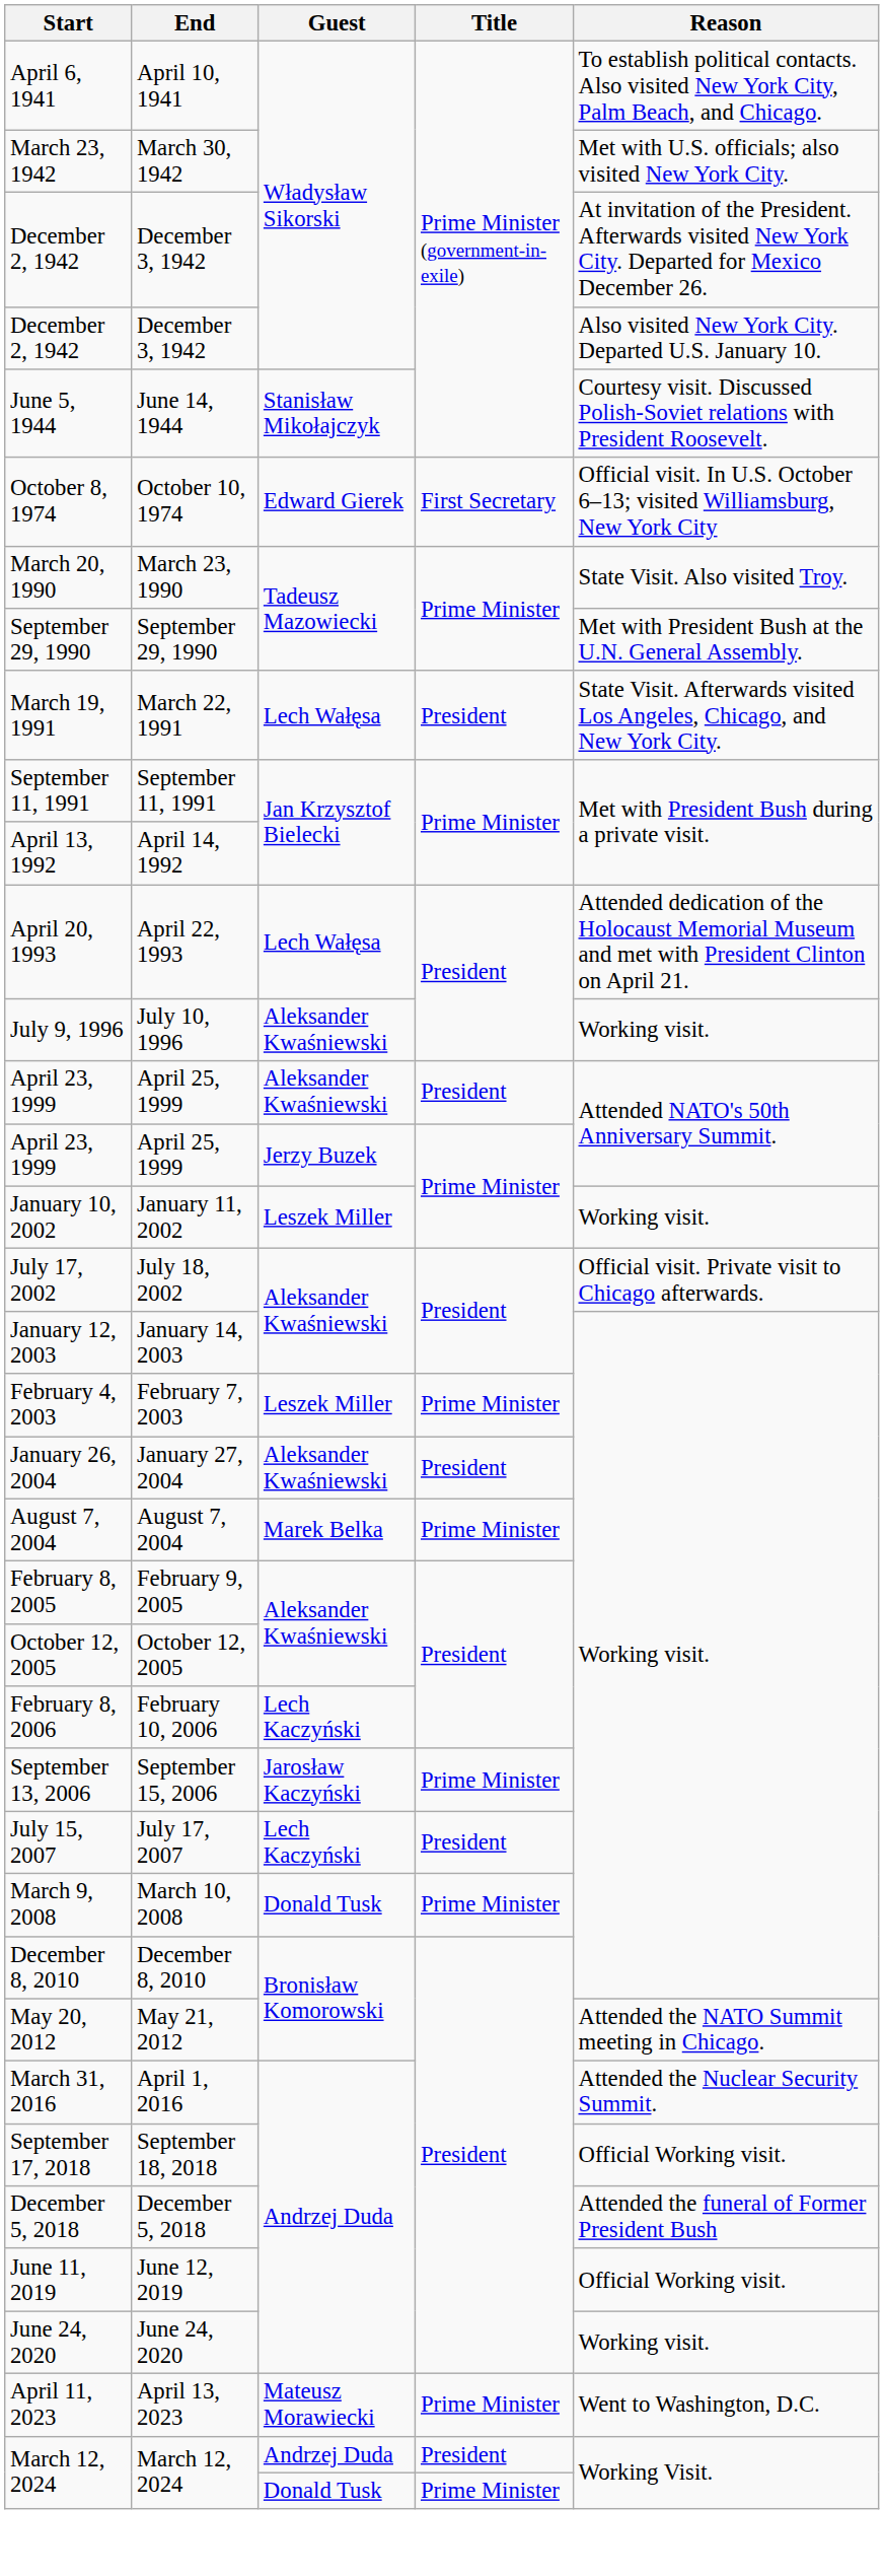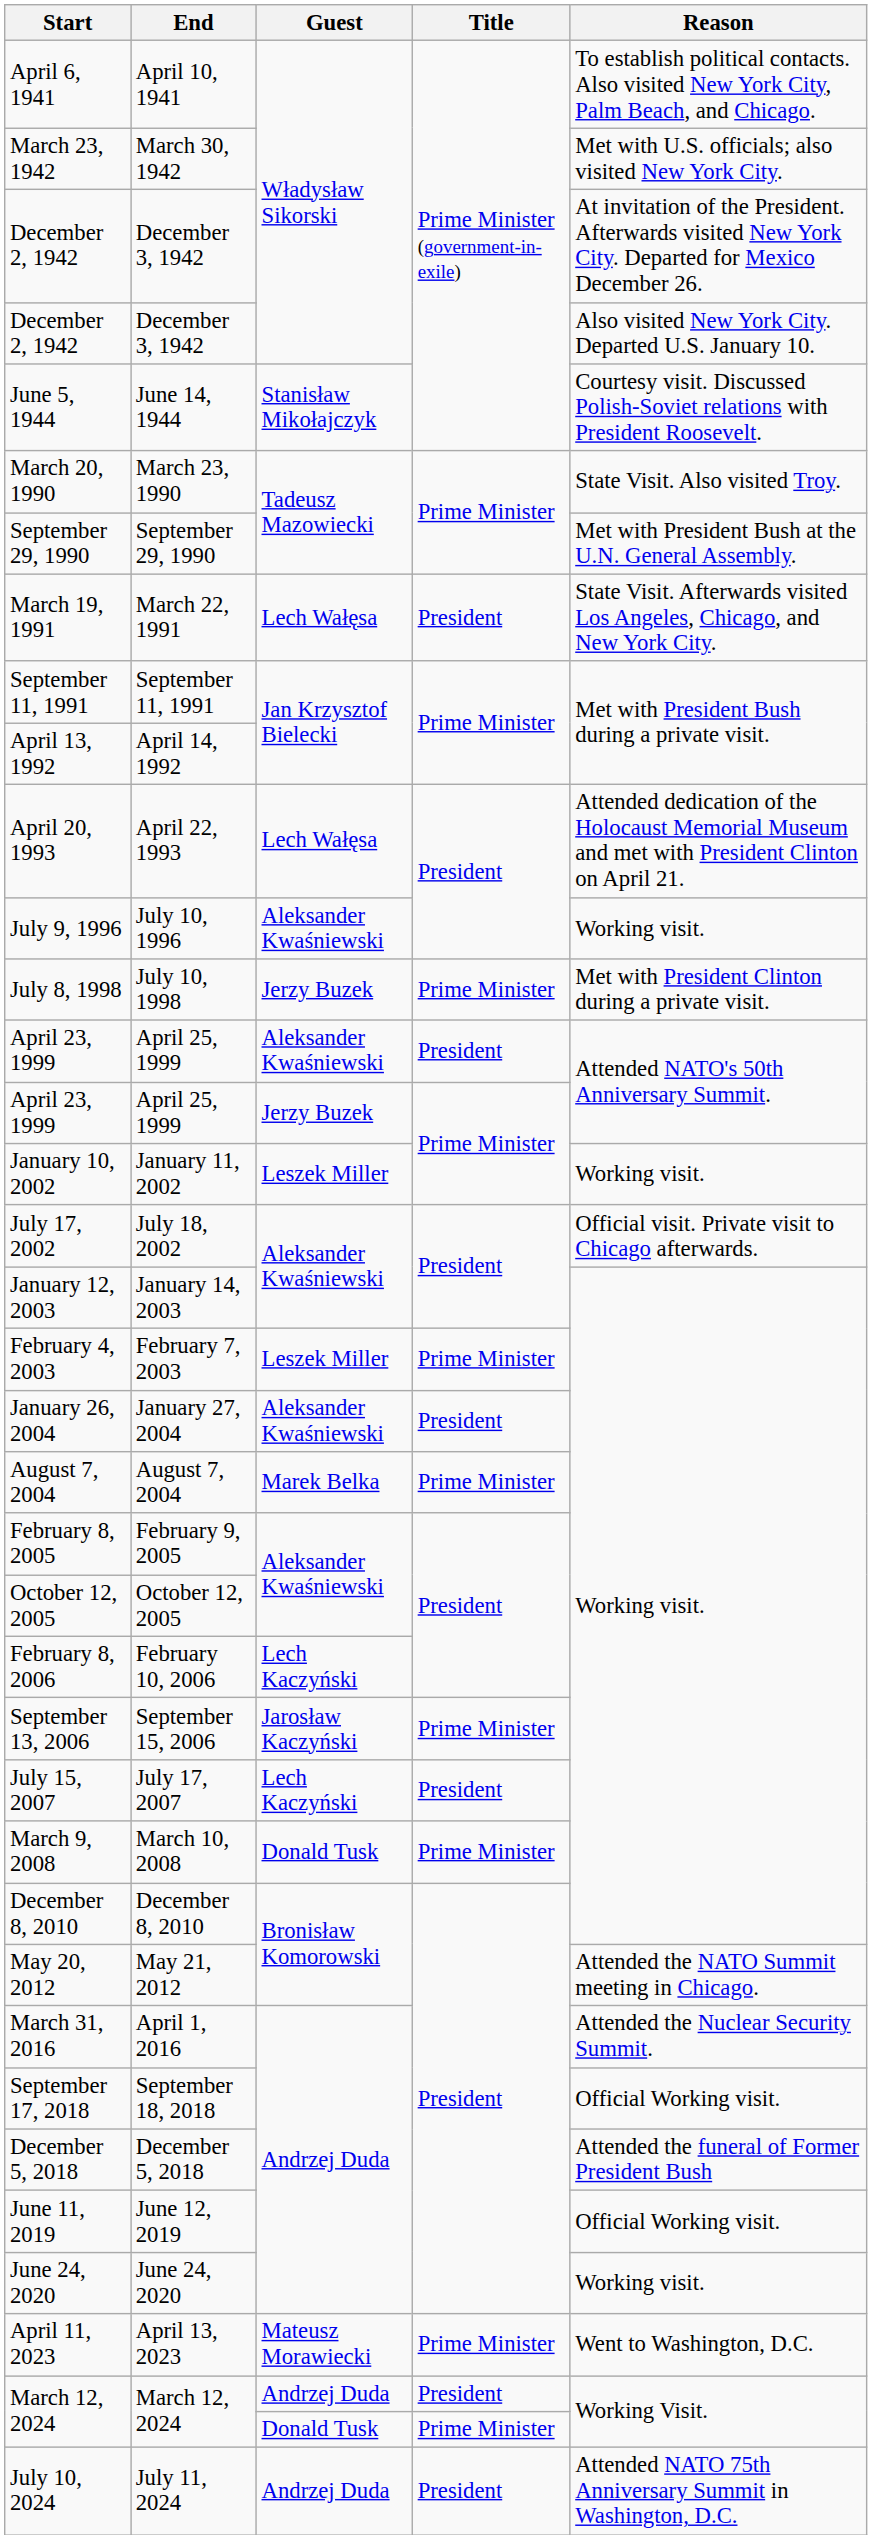 <table class="wikitable sortable">
 <tr>
 <th>Start</th>
 <th>End</th>
 <th>Guest</th>
 <th>Title</th>
 <th>Reason</th>
 </tr>
 <tr>
 <td>April 6, 1941</td>
 <td>April 10, 1941</td>
 <td rowspan=4><a href='#'>Władysław Sikorski</a></td>
 <td rowspan=5><a href='#'>Prime Minister</a> <small>(<a href='#'>government-in-exile</a>)</small></td>
 <td>To establish political contacts. Also visited <a href='#'>New York City</a>, <a href='#'>Palm Beach</a>, and <a href='#'>Chicago</a>.</td>
 </tr>
 <tr>
 <td>March 23, 1942</td>
 <td>March 30, 1942</td>
 <td>Met with U.S. officials; also visited <a href='#'>New York City</a>.</td>
 </tr>
 <tr>
 <td>December 2, 1942</td>
 <td>December 3, 1942</td>
 <td>At invitation of the President. Afterwards visited <a href='#'>New York City</a>. Departed for <a href='#'>Mexico</a> December 26.</td>
 </tr>
 <tr>
 <td>December 2, 1942</td>
 <td>December 3, 1942</td>
 <td>Also visited <a href='#'>New York City</a>. Departed U.S. January 10.</td>
 </tr>
 <tr>
 <td>June 5, 1944</td>
 <td>June 14, 1944</td>
 <td><a href='#'>Stanisław Mikołajczyk</a></td>
 <td>Courtesy visit. Discussed <a href='#'>Polish-Soviet relations</a> with <a href='#'>President Roosevelt</a>.</td>
-</tr>
-<tr>
-<td>October 8, 1974</td>
-<td>October 10, 1974</td>
-<td><a href='#'>Edward Gierek</a></td>
-<td><a href='#'>First Secretary</a></td>
-<td>Official visit. In U.S. October 6–13; visited <a href='#'>Williamsburg</a>, <a href='#'>New York City</a></td>
 </tr>
 <tr>
 <td>March 20, 1990</td>
 <td>March 23, 1990</td>
 <td rowspan=2><a href='#'>Tadeusz Mazowiecki</a></td>
 <td rowspan=2><a href='#'>Prime Minister</a></td>
 <td>State Visit. Also visited <a href='#'>Troy</a>.</td>
 </tr>
 <tr>
 <td>September 29, 1990</td>
 <td>September 29, 1990</td>
 <td>Met with President Bush at the <a href='#'>U.N. General Assembly</a>.</td>
 </tr>
 <tr>
 <td>March 19, 1991</td>
 <td>March 22, 1991</td>
 <td><a href='#'>Lech Wałęsa</a></td>
 <td><a href='#'>President</a></td>
 <td>State Visit. Afterwards visited <a href='#'>Los Angeles</a>, <a href='#'>Chicago</a>, and <a href='#'>New York City</a>.</td>
 </tr>
 <tr>
 <td>September 11, 1991</td>
 <td>September 11, 1991</td>
 <td rowspan=2><a href='#'>Jan Krzysztof Bielecki</a></td>
 <td rowspan="2"><a href='#'>Prime Minister</a></td>
 <td rowspan=2>Met with <a href='#'>President Bush</a> during a private visit.</td>
 </tr>
 <tr>
 <td>April 13, 1992</td>
 <td>April 14, 1992</td>
 </tr>
 <tr>
 <td>April 20, 1993</td>
 <td>April 22, 1993</td>
 <td><a href='#'>Lech Wałęsa</a></td>
 <td rowspan="2"><a href='#'>President</a></td>
 <td>Attended dedication of the <a href='#'>Holocaust Memorial Museum</a> and met with <a href='#'>President Clinton</a> on April 21.</td>
 </tr>
 <tr>
 <td>July 9, 1996</td>
 <td>July 10, 1996</td>
 <td><a href='#'>Aleksander Kwaśniewski</a></td>
 <td>Working visit.</td>
+</tr>
+<tr>
+<td>July 8, 1998</td>
+<td>July 10, 1998</td>
+<td><a href='#'>Jerzy Buzek</a></td>
+<td><a href='#'>Prime Minister</a></td>
+<td>Met with <a href='#'>President Clinton</a> during a private visit.</td>
 </tr>
 <tr>
 <td>April 23, 1999</td>
 <td>April 25, 1999</td>
 <td><a href='#'>Aleksander Kwaśniewski</a></td>
 <td><a href='#'>President</a></td>
 <td rowspan="2">Attended <a href='#'>NATO's 50th Anniversary Summit</a>.</td>
 </tr>
 <tr>
 <td>April 23, 1999</td>
 <td>April 25, 1999</td>
 <td><a href='#'>Jerzy Buzek</a></td>
 <td rowspan="2"><a href='#'>Prime Minister</a></td>
 </tr>
 <tr>
 <td>January 10, 2002</td>
 <td>January 11, 2002</td>
 <td><a href='#'>Leszek Miller</a></td>
 <td>Working visit.</td>
 </tr>
 <tr>
 <td>July 17, 2002</td>
 <td>July 18, 2002</td>
 <td rowspan=2><a href='#'>Aleksander Kwaśniewski</a></td>
 <td rowspan="2"><a href='#'>President</a></td>
 <td>Official visit. Private visit to <a href='#'>Chicago</a> afterwards.</td>
 </tr>
 <tr>
 <td>January 12, 2003</td>
 <td>January 14, 2003</td>
 <td rowspan=11>Working visit.</td>
 </tr>
 <tr>
 <td>February 4, 2003</td>
 <td>February 7, 2003</td>
 <td><a href='#'>Leszek Miller</a></td>
 <td><a href='#'>Prime Minister</a></td>
 </tr>
 <tr>
 <td>January 26, 2004</td>
 <td>January 27, 2004</td>
 <td><a href='#'>Aleksander Kwaśniewski</a></td>
 <td><a href='#'>President</a></td>
 </tr>
 <tr>
 <td>August 7, 2004</td>
 <td>August 7, 2004</td>
 <td><a href='#'>Marek Belka</a></td>
 <td><a href='#'>Prime Minister</a></td>
 </tr>
 <tr>
 <td>February 8, 2005</td>
 <td>February 9, 2005</td>
 <td rowspan=2><a href='#'>Aleksander Kwaśniewski</a></td>
 <td rowspan="3"><a href='#'>President</a></td>
 </tr>
 <tr>
 <td>October 12, 2005</td>
 <td>October 12, 2005</td>
 </tr>
 <tr>
 <td>February 8, 2006</td>
 <td>February 10, 2006</td>
 <td><a href='#'>Lech Kaczyński</a></td>
 </tr>
 <tr>
 <td>September 13, 2006</td>
 <td>September 15, 2006</td>
 <td><a href='#'>Jarosław Kaczyński</a></td>
 <td><a href='#'>Prime Minister</a></td>
 </tr>
 <tr>
 <td>July 15, 2007</td>
 <td>July 17, 2007</td>
 <td><a href='#'>Lech Kaczyński</a></td>
 <td><a href='#'>President</a></td>
 </tr>
 <tr>
 <td>March 9, 2008</td>
 <td>March 10, 2008</td>
 <td><a href='#'>Donald Tusk</a></td>
 <td><a href='#'>Prime Minister</a></td>
 </tr>
 <tr>
 <td>December 8, 2010</td>
 <td>December 8, 2010</td>
 <td rowspan=2><a href='#'>Bronisław Komorowski</a></td>
 <td rowspan="7"><a href='#'>President</a></td>
 </tr>
 <tr>
 <td>May 20, 2012</td>
 <td>May 21, 2012</td>
 <td>Attended the <a href='#'>NATO Summit</a> meeting in <a href='#'>Chicago</a>.</td>
 </tr>
 <tr>
 <td>March 31, 2016</td>
 <td>April 1, 2016</td>
 <td rowspan=5><a href='#'>Andrzej Duda</a></td>
 <td>Attended the <a href='#'>Nuclear Security Summit</a>.</td>
 </tr>
 <tr>
 <td>September 17, 2018</td>
 <td>September 18, 2018</td>
 <td>Official Working visit.</td>
 </tr>
 <tr>
 <td>December 5, 2018</td>
 <td>December 5, 2018</td>
 <td>Attended the <a href='#'>funeral of Former President Bush</a></td>
 </tr>
 <tr>
 <td>June 11, 2019</td>
 <td>June 12, 2019</td>
 <td>Official Working visit.</td>
 </tr>
 <tr>
 <td>June 24, 2020</td>
 <td>June 24, 2020</td>
 <td>Working visit.</td>
 </tr>
 <tr>
 <td>April 11, 2023</td>
 <td>April 13, 2023</td>
 <td><a href='#'>Mateusz Morawiecki</a></td>
 <td><a href='#'>Prime Minister</a></td>
 <td>Went to Washington, D.C.</td>
 </tr>
 <tr>
 <td rowspan=2>March 12, 2024</td>
 <td rowspan=2>March 12, 2024</td>
 <td><a href='#'>Andrzej Duda</a></td>
 <td><a href='#'>President</a></td>
 <td rowspan=2>Working Visit.</td>
 </tr>
 <tr>
 <td><a href='#'>Donald Tusk</a></td>
 <td><a href='#'>Prime Minister</a></td>
 </tr>
+<tr>
+<td>July 10, 2024</td>
+<td>July 11, 2024</td>
+<td><a href='#'>Andrzej Duda</a></td>
+<td><a href='#'>President</a></td>
+<td>Attended <a href='#'>NATO 75th Anniversary Summit</a> in <a href='#'>Washington, D.C.</a></td>
+</tr>
 </table>
